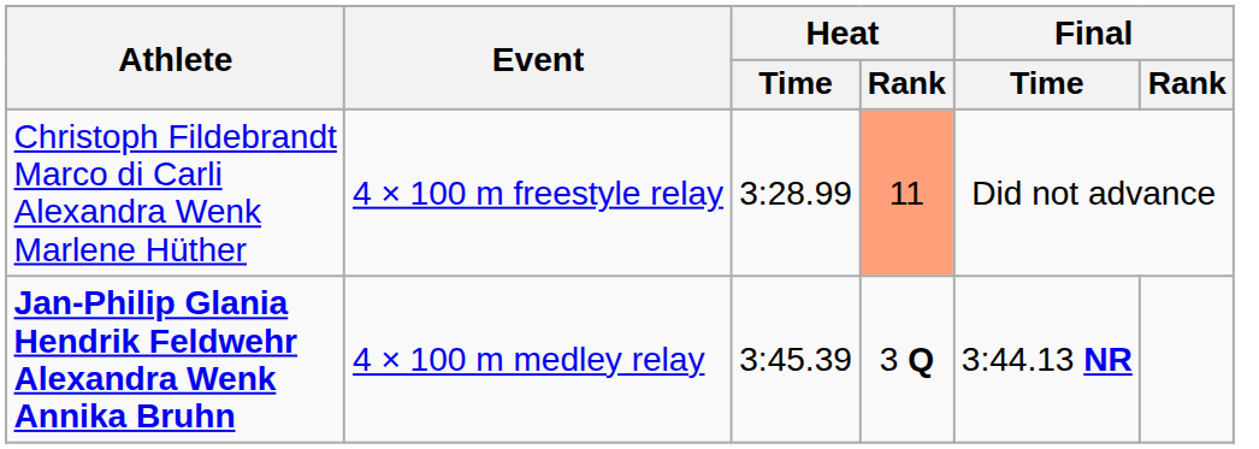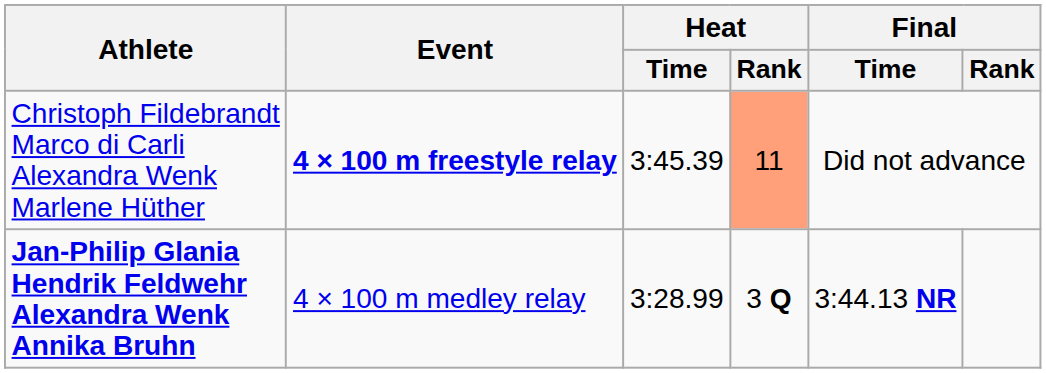 <table class=wikitable style="font-size:90%">
 <tr>
 <th rowspan="2">Athlete</th>
 <th rowspan="2">Event</th>
 <th colspan="2">Heat</th>
 <th colspan="2">Final</th>
 </tr>
 <tr style="font-size:95%">
 <th>Time</th>
 <th>Rank</th>
 <th>Time</th>
 <th>Rank</th>
 </tr>
 <tr align=center>
 <td align=left><a href='#'>Christoph Fildebrandt</a><br><a href='#'>Marco di Carli</a><br><a href='#'>Alexandra Wenk</a><br><a href='#'>Marlene Hüther</a></td>
-<td align=left><a href='#'>4 × 100 m freestyle relay</a></td>
-<td>3:28.99</td>
+<td align=left><strong><a href='#'>4 × 100 m freestyle relay</a></strong></td>
+<td>3:45.39</td>
 <td style="background: lightsalmon;">11</td>
 <td colspan=2>Did not advance</td>
 </tr>
 <tr align=center>
 <td align=left><strong><a href='#'>Jan-Philip Glania</a><br><a href='#'>Hendrik Feldwehr</a><br><a href='#'>Alexandra Wenk</a><br><a href='#'>Annika Bruhn</a></strong></td>
 <td align=left><a href='#'>4 × 100 m medley relay</a></td>
-<td>3:45.39</td>
+<td>3:28.99</td>
 <td>3 <strong>Q</strong></td>
 <td>3:44.13 <strong><a href='#'>NR</a></strong></td>
 <td></td>
 </tr>
 </table>
